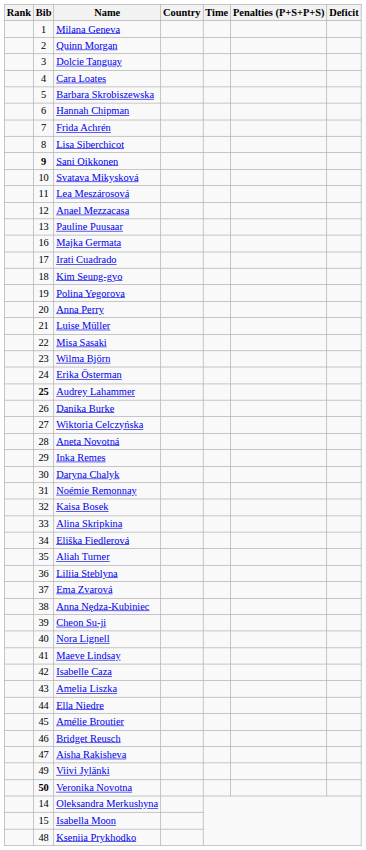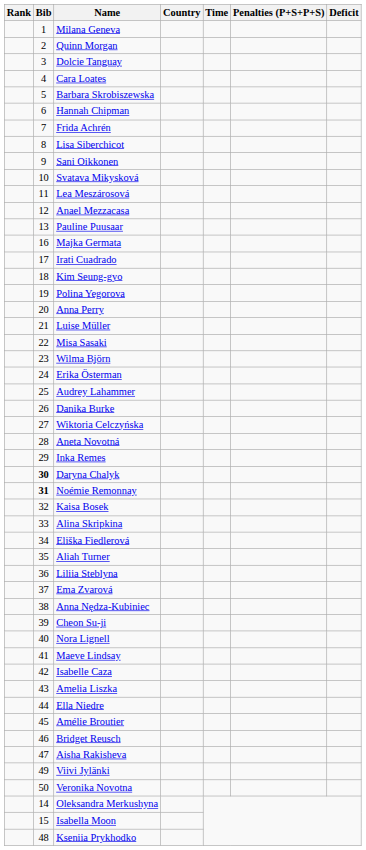 <table class="wikitable sortable" style="text-align:center">
 <tr>
 <th>Rank</th>
 <th>Bib</th>
 <th>Name</th>
 <th>Country</th>
 <th>Time</th>
 <th>Penalties (P+S+P+S)</th>
 <th>Deficit</th>
 </tr>
 <tr>
 <td></td>
 <td>1</td>
 <td align=left><a href='#'>Milana Geneva</a></td>
 <td align=left></td>
 <td></td>
 <td></td>
 <td></td>
 </tr>
 <tr>
 <td></td>
 <td>2</td>
 <td align=left><a href='#'>Quinn Morgan</a></td>
 <td align=left></td>
 <td></td>
 <td></td>
 <td></td>
 </tr>
 <tr>
 <td></td>
 <td>3</td>
 <td align=left><a href='#'>Dolcie Tanguay</a></td>
 <td align=left></td>
 <td></td>
 <td></td>
 <td></td>
 </tr>
 <tr>
 <td></td>
 <td>4</td>
 <td align=left><a href='#'>Cara Loates</a></td>
 <td align=left></td>
 <td></td>
 <td></td>
 <td></td>
 </tr>
 <tr>
 <td></td>
 <td>5</td>
 <td align=left><a href='#'>Barbara Skrobiszewska</a></td>
 <td align=left></td>
 <td></td>
 <td></td>
 <td></td>
 </tr>
 <tr>
 <td></td>
 <td>6</td>
 <td align=left><a href='#'>Hannah Chipman</a></td>
 <td align=left></td>
 <td></td>
 <td></td>
 <td></td>
 </tr>
 <tr>
 <td></td>
 <td>7</td>
 <td align=left><a href='#'>Frida Achrén</a></td>
 <td align=left></td>
 <td></td>
 <td></td>
 <td></td>
 </tr>
 <tr>
 <td></td>
 <td>8</td>
 <td align=left><a href='#'>Lisa Siberchicot</a></td>
 <td align=left></td>
 <td></td>
 <td></td>
 <td></td>
 </tr>
 <tr>
 <td></td>
-<td><strong>9</strong></td>
+<td>9</td>
 <td align=left><a href='#'>Sani Oikkonen</a></td>
 <td align=left></td>
 <td></td>
 <td></td>
 <td></td>
 </tr>
 <tr>
 <td></td>
 <td>10</td>
 <td align=left><a href='#'>Svatava Mikysková</a></td>
 <td align=left></td>
 <td></td>
 <td></td>
 <td></td>
 </tr>
 <tr>
 <td></td>
 <td>11</td>
 <td align=left><a href='#'>Lea Meszárosová</a></td>
 <td align=left></td>
 <td></td>
 <td></td>
 <td></td>
 </tr>
 <tr>
 <td></td>
 <td>12</td>
 <td align=left><a href='#'>Anael Mezzacasa</a></td>
 <td align=left></td>
 <td></td>
 <td></td>
 <td></td>
 </tr>
 <tr>
 <td></td>
 <td>13</td>
 <td align=left><a href='#'>Pauline Puusaar</a></td>
 <td align=left></td>
 <td></td>
 <td></td>
 <td></td>
 </tr>
 <tr>
 <td></td>
 <td>16</td>
 <td align=left><a href='#'>Majka Germata</a></td>
 <td align=left></td>
 <td></td>
 <td></td>
 <td></td>
 </tr>
 <tr>
 <td></td>
 <td>17</td>
 <td align=left><a href='#'>Irati Cuadrado</a></td>
 <td align=left></td>
 <td></td>
 <td></td>
 <td></td>
 </tr>
 <tr>
 <td></td>
 <td>18</td>
 <td align=left><a href='#'>Kim Seung-gyo</a></td>
 <td align=left></td>
 <td></td>
 <td></td>
 <td></td>
 </tr>
 <tr>
 <td></td>
 <td>19</td>
 <td align=left><a href='#'>Polina Yegorova</a></td>
 <td align=left></td>
 <td></td>
 <td></td>
 <td></td>
 </tr>
 <tr>
 <td></td>
 <td>20</td>
 <td align=left><a href='#'>Anna Perry</a></td>
 <td align=left></td>
 <td></td>
 <td></td>
 <td></td>
 </tr>
 <tr>
 <td></td>
 <td>21</td>
 <td align=left><a href='#'>Luise Müller</a></td>
 <td align=left></td>
 <td></td>
 <td></td>
 <td></td>
 </tr>
 <tr>
 <td></td>
 <td>22</td>
 <td align=left><a href='#'>Misa Sasaki</a></td>
 <td align=left></td>
 <td></td>
 <td></td>
 <td></td>
 </tr>
 <tr>
 <td></td>
 <td>23</td>
 <td align=left><a href='#'>Wilma Björn</a></td>
 <td align=left></td>
 <td></td>
 <td></td>
 <td></td>
 </tr>
 <tr>
 <td></td>
 <td>24</td>
 <td align=left><a href='#'>Erika Österman</a></td>
 <td align=left></td>
 <td></td>
 <td></td>
 <td></td>
 </tr>
 <tr>
 <td></td>
-<td><strong>25</strong></td>
+<td>25</td>
 <td align=left><a href='#'>Audrey Lahammer</a></td>
 <td align=left></td>
 <td></td>
 <td></td>
 <td></td>
 </tr>
 <tr>
 <td></td>
 <td>26</td>
 <td align=left><a href='#'>Danika Burke</a></td>
 <td align=left></td>
 <td></td>
 <td></td>
 <td></td>
 </tr>
 <tr>
 <td></td>
 <td>27</td>
 <td align=left><a href='#'>Wiktoria Celczyńska</a></td>
 <td align=left></td>
 <td></td>
 <td></td>
 <td></td>
 </tr>
 <tr>
 <td></td>
 <td>28</td>
 <td align=left><a href='#'>Aneta Novotná</a></td>
 <td align=left></td>
 <td></td>
 <td></td>
 <td></td>
 </tr>
 <tr>
 <td></td>
 <td>29</td>
 <td align=left><a href='#'>Inka Remes</a></td>
 <td align=left></td>
 <td></td>
 <td></td>
 <td></td>
 </tr>
 <tr>
 <td></td>
-<td>30</td>
+<td><strong>30</strong></td>
 <td align=left><a href='#'>Daryna Chalyk</a></td>
 <td align=left></td>
 <td></td>
 <td></td>
 <td></td>
 </tr>
 <tr>
 <td></td>
-<td>31</td>
+<td><strong>31</strong></td>
 <td align=left><a href='#'>Noémie Remonnay</a></td>
 <td align=left></td>
 <td></td>
 <td></td>
 <td></td>
 </tr>
 <tr>
 <td></td>
 <td>32</td>
 <td align=left><a href='#'>Kaisa Bosek</a></td>
 <td align=left></td>
 <td></td>
 <td></td>
 <td></td>
 </tr>
 <tr>
 <td></td>
 <td>33</td>
 <td align=left><a href='#'>Alina Skripkina</a></td>
 <td align=left></td>
 <td></td>
 <td></td>
 <td></td>
 </tr>
 <tr>
 <td></td>
 <td>34</td>
 <td align=left><a href='#'>Eliška Fiedlerová</a></td>
 <td align=left></td>
 <td></td>
 <td></td>
 <td></td>
 </tr>
 <tr>
 <td></td>
 <td>35</td>
 <td align=left><a href='#'>Aliah Turner</a></td>
 <td align=left></td>
 <td></td>
 <td></td>
 <td></td>
 </tr>
 <tr>
 <td></td>
 <td>36</td>
 <td align=left><a href='#'>Liliia Steblyna</a></td>
 <td align=left></td>
 <td></td>
 <td></td>
 <td></td>
 </tr>
 <tr>
 <td></td>
 <td>37</td>
 <td align=left><a href='#'>Ema Zvarová</a></td>
 <td align=left></td>
 <td></td>
 <td></td>
 <td></td>
 </tr>
 <tr>
 <td></td>
 <td>38</td>
 <td align=left><a href='#'>Anna Nędza-Kubiniec</a></td>
 <td align=left></td>
 <td></td>
 <td></td>
 <td></td>
 </tr>
 <tr>
 <td></td>
 <td>39</td>
 <td align=left><a href='#'>Cheon Su-ji</a></td>
 <td align=left></td>
 <td></td>
 <td></td>
 <td></td>
 </tr>
 <tr>
 <td></td>
 <td>40</td>
 <td align=left><a href='#'>Nora Lignell</a></td>
 <td align=left></td>
 <td></td>
 <td></td>
 <td></td>
 </tr>
 <tr>
 <td></td>
 <td>41</td>
 <td align=left><a href='#'>Maeve Lindsay</a></td>
 <td align=left></td>
 <td></td>
 <td></td>
 <td></td>
 </tr>
 <tr>
 <td></td>
 <td>42</td>
 <td align=left><a href='#'>Isabelle Caza</a></td>
 <td align=left></td>
 <td></td>
 <td></td>
 <td></td>
 </tr>
 <tr>
 <td></td>
 <td>43</td>
 <td align=left><a href='#'>Amelia Liszka</a></td>
 <td align=left></td>
 <td></td>
 <td></td>
 <td></td>
 </tr>
 <tr>
 <td></td>
 <td>44</td>
 <td align=left><a href='#'>Ella Niedre</a></td>
 <td align=left></td>
 <td></td>
 <td></td>
 <td></td>
 </tr>
 <tr>
 <td></td>
 <td>45</td>
 <td align=left><a href='#'>Amélie Broutier</a></td>
 <td align=left></td>
 <td></td>
 <td></td>
 <td></td>
 </tr>
 <tr>
 <td></td>
 <td>46</td>
 <td align=left><a href='#'>Bridget Reusch</a></td>
 <td align=left></td>
 <td></td>
 <td></td>
 <td></td>
 </tr>
 <tr>
 <td></td>
 <td>47</td>
 <td align=left><a href='#'>Aisha Rakisheva</a></td>
 <td align=left></td>
 <td></td>
 <td></td>
 <td></td>
 </tr>
 <tr>
 <td></td>
 <td>49</td>
 <td align=left><a href='#'>Viivi Jylänki</a></td>
 <td align=left></td>
 <td></td>
 <td></td>
 <td></td>
 </tr>
 <tr>
 <td></td>
-<td><strong>50</strong></td>
+<td>50</td>
 <td align=left><a href='#'>Veronika Novotna</a></td>
 <td align=left></td>
 <td></td>
 <td></td>
 <td></td>
 </tr>
 <tr>
 <td></td>
 <td>14</td>
 <td align=left><a href='#'>Oleksandra Merkushyna</a></td>
 <td align=left></td>
 <td rowspan=3 colspan=3></td>
 </tr>
 <tr>
 <td></td>
 <td>15</td>
 <td align=left><a href='#'>Isabella Moon</a></td>
 <td align=left></td>
 </tr>
 <tr>
 <td></td>
 <td>48</td>
 <td align=left><a href='#'>Kseniia Prykhodko</a></td>
 <td align=left></td>
 </tr>
 </table>
